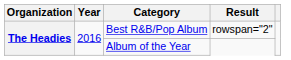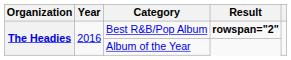 <table class="wikitable sortable plainrowheaders" style="border:none; margin:0;">
 <tr>
 <th scope="col">Organization</th>
 <th scope="col">Year</th>
 <th scope="col">Category</th>
 <th scope="col">Result</th>
 <th class="unsortable" scope="col"></th>
 </tr>
 <tr>
 <th scope="row" rowspan="2"><a href='#'>The Headies</a></th>
 <td rowspan="2"><a href='#'>2016</a></td>
 <td><a href='#'>Best R&B/Pop Album</a></td>
-<td>rowspan="2" </td>
+<td><strong>rowspan="2" </strong></td>
 <td rowspan="2"></td>
 </tr>
 <tr>
 <td><a href='#'>Album of the Year</a></td>
 </tr>
 <tr>
 </tr>
 </table>
